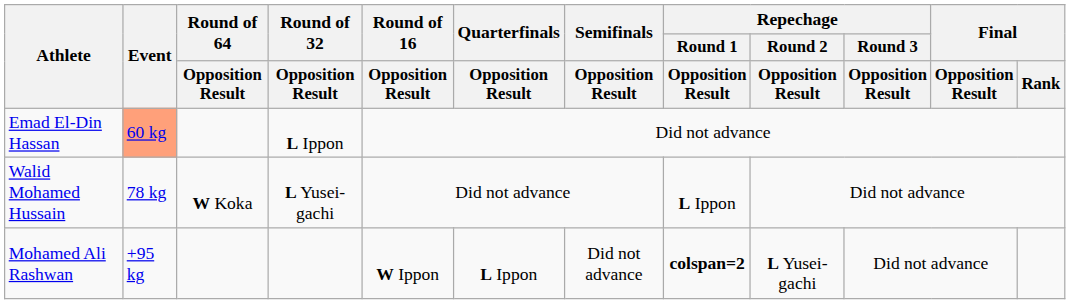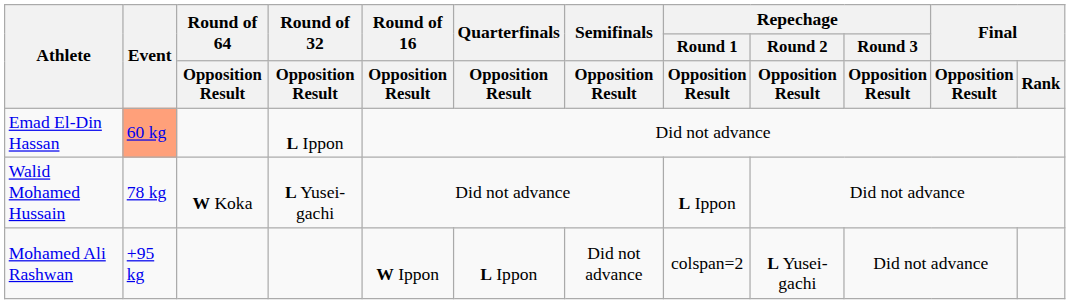 <table class="wikitable" style="font-size:90%">
 <tr>
 <th rowspan="3">Athlete</th>
 <th rowspan="3">Event</th>
 <th rowspan="2">Round of 64</th>
 <th rowspan="2">Round of 32</th>
 <th rowspan="2">Round of 16</th>
 <th rowspan="2">Quarterfinals</th>
 <th rowspan="2">Semifinals</th>
 <th colspan=3>Repechage</th>
 <th rowspan="2" colspan=2>Final</th>
 </tr>
 <tr style="font-size:95%">
 <th>Round 1</th>
 <th>Round 2</th>
 <th>Round 3</th>
 </tr>
 <tr style="font-size:95%">
 <th>Opposition<br>Result</th>
 <th>Opposition<br>Result</th>
 <th>Opposition<br>Result</th>
 <th>Opposition<br>Result</th>
 <th>Opposition<br>Result</th>
 <th>Opposition<br>Result</th>
 <th>Opposition<br>Result</th>
 <th>Opposition<br>Result</th>
 <th>Opposition<br>Result</th>
 <th>Rank</th>
 </tr>
 <tr align=center>
 <td align=left><a href='#'>Emad El-Din Hassan</a></td>
 <td align=left style="background: lightsalmon;"><a href='#'>60 kg</a></td>
 <td></td>
 <td><br><strong>L</strong> Ippon</td>
 <td colspan=8>Did not advance</td>
 </tr>
 <tr align=center>
 <td align=left><a href='#'>Walid Mohamed Hussain</a></td>
 <td align=left><a href='#'>78 kg</a></td>
 <td><br><strong>W</strong> Koka</td>
 <td><br><strong>L</strong> Yusei-gachi</td>
 <td colspan=3>Did not advance</td>
 <td><br><strong>L</strong> Ippon</td>
 <td colspan=4>Did not advance</td>
 </tr>
 <tr align=center>
 <td align=left><a href='#'>Mohamed Ali Rashwan</a></td>
 <td align=left><a href='#'>+95 kg</a></td>
 <td></td>
 <td></td>
 <td><br><strong>W</strong> Ippon</td>
 <td><br><strong>L</strong> Ippon</td>
 <td>Did not advance</td>
-<td><strong>colspan=2</strong></td>
+<td>colspan=2</td>
 <td><br><strong>L</strong> Yusei-gachi</td>
 <td colspan=2>Did not advance</td>
 </tr>
 </table>
